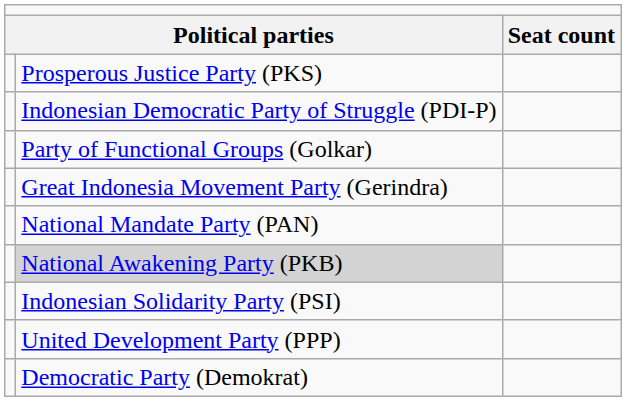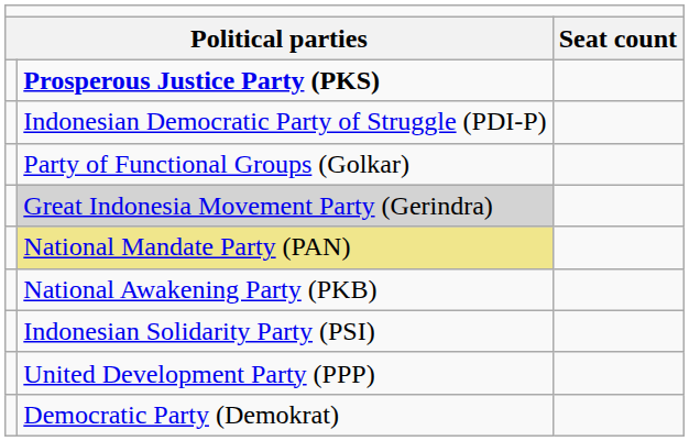 <table class="wikitable">
 <tr>
 <td colspan="4"></td>
 </tr>
 <tr>
 <th colspan="2">Political parties</th>
 <th>Seat count</th>
 </tr>
 <tr>
 <td bgcolor=></td>
-<td><a href='#'>Prosperous Justice Party</a> (PKS)</td>
+<td><strong><a href='#'>Prosperous Justice Party</a> (PKS)</strong></td>
 <td></td>
 </tr>
 <tr>
 <td bgcolor=></td>
 <td><a href='#'>Indonesian Democratic Party of Struggle</a> (PDI-P)</td>
 <td></td>
 </tr>
 <tr>
 <td bgcolor=></td>
 <td><a href='#'>Party of Functional Groups</a> (Golkar)</td>
 <td></td>
 </tr>
 <tr>
 <td bgcolor=></td>
-<td><a href='#'>Great Indonesia Movement Party</a> (Gerindra)</td>
+<td style="background: lightgrey;"><a href='#'>Great Indonesia Movement Party</a> (Gerindra)</td>
 <td></td>
 </tr>
 <tr>
 <td bgcolor=></td>
-<td><a href='#'>National Mandate Party</a> (PAN)</td>
+<td style="background: khaki;"><a href='#'>National Mandate Party</a> (PAN)</td>
 <td></td>
 </tr>
 <tr>
 <td bgcolor=></td>
-<td style="background: lightgrey;"><a href='#'>National Awakening Party</a> (PKB)</td>
+<td><a href='#'>National Awakening Party</a> (PKB)</td>
 <td></td>
 </tr>
 <tr>
 <td bgcolor=></td>
 <td><a href='#'>Indonesian Solidarity Party</a> (PSI)</td>
 <td></td>
 </tr>
 <tr>
 <td bgcolor=></td>
 <td><a href='#'>United Development Party</a> (PPP)</td>
 <td></td>
 </tr>
 <tr>
 <td bgcolor=></td>
 <td><a href='#'>Democratic Party</a> (Demokrat)</td>
 <td></td>
 </tr>
 </table>
